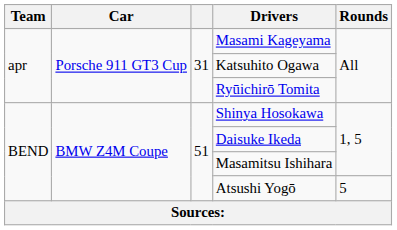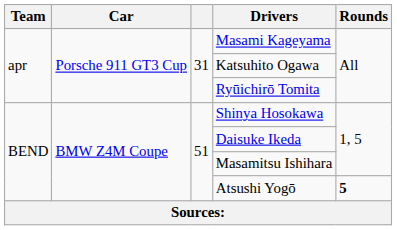 <table class="wikitable" style="font-size: 85%">
 <tr>
 <th>Team</th>
 <th>Car</th>
 <th></th>
 <th>Drivers</th>
 <th>Rounds</th>
 </tr>
 <tr>
 <td rowspan=3> apr</td>
 <td rowspan=3><a href='#'>Porsche 911 GT3 Cup</a></td>
 <td rowspan=3>31</td>
 <td> <a href='#'>Masami Kageyama</a></td>
 <td rowspan=3>All</td>
 </tr>
 <tr>
 <td> Katsuhito Ogawa</td>
 </tr>
 <tr>
 <td> <a href='#'>Ryūichirō Tomita</a></td>
 </tr>
 <tr>
 <td rowspan=4> BEND</td>
 <td rowspan=4><a href='#'>BMW Z4M Coupe</a></td>
 <td rowspan=4>51</td>
 <td> <a href='#'>Shinya Hosokawa</a></td>
 <td rowspan=3>1, 5</td>
 </tr>
 <tr>
 <td> <a href='#'>Daisuke Ikeda</a></td>
 </tr>
 <tr>
 <td> Masamitsu Ishihara</td>
 </tr>
 <tr>
 <td> Atsushi Yogō</td>
-<td>5</td>
+<td><strong>5</strong></td>
 </tr>
 <tr>
 <th colspan=5>Sources:</th>
 </tr>
 </table>
